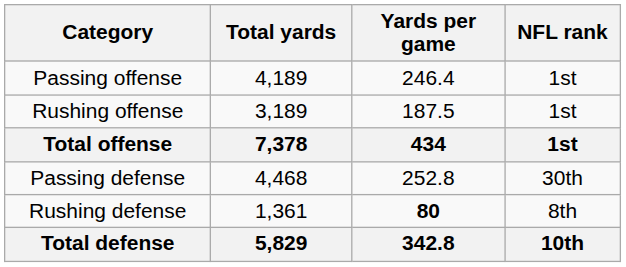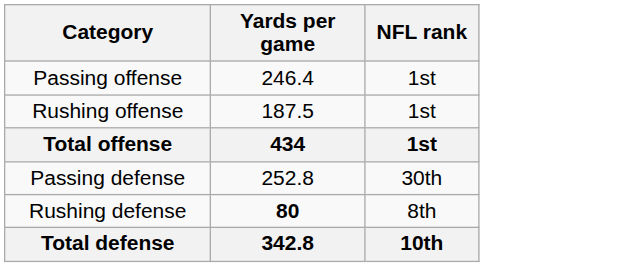 <table class="wikitable" style="text-align:center">
 <tr>
 <th width="150">Category</th>
-<th width="100">Total yards</th>
 <th width="110">Yards per game</th>
 <th width="80">NFL rank<br></th>
 </tr>
 <tr>
 <td>Passing offense</td>
-<td>4,189</td>
 <td>246.4</td>
 <td>1st</td>
 </tr>
 <tr>
 <td>Rushing offense</td>
-<td>3,189</td>
 <td>187.5</td>
 <td>1st</td>
 </tr>
 <tr>
 <th>Total offense</th>
-<th><strong>7,378</strong></th>
 <th><strong>434</strong></th>
 <th><strong>1st</strong></th>
 </tr>
 <tr>
 <td>Passing defense</td>
-<td>4,468</td>
 <td>252.8</td>
 <td>30th</td>
 </tr>
 <tr>
 <td>Rushing defense</td>
-<td>1,361</td>
 <td><strong>80</strong></td>
 <td>8th</td>
 </tr>
 <tr>
 <th>Total defense</th>
-<th><strong>5,829</strong></th>
 <th><strong>342.8</strong></th>
 <th><strong>10th</strong></th>
 </tr>
 </table>
